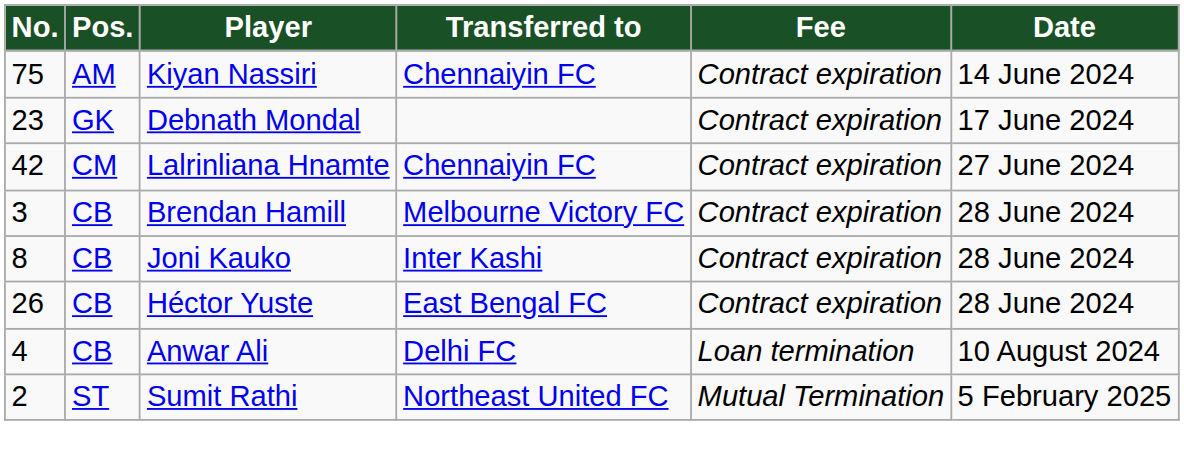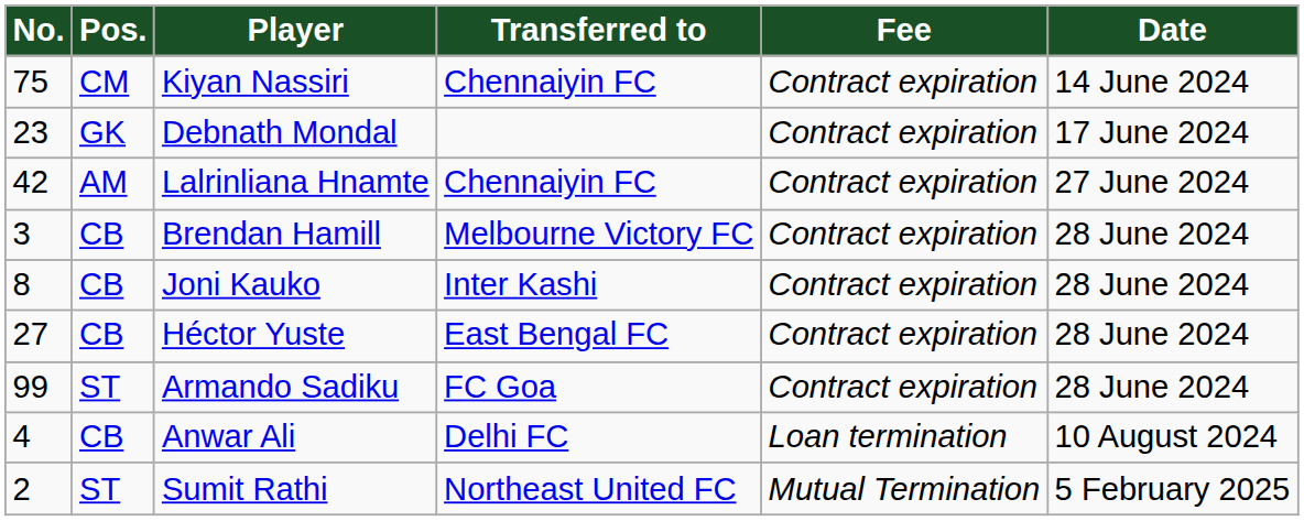 <table class="wikitable plainrowheaders sortable">
 <tr>
 <th style="background:#1A5026; color:#FFFFFF; ">No.</th>
 <th style="background:#1A5026; color:#FFFFFF; ">Pos.</th>
 <th style="background:#1A5026; color:#FFFFFF; ">Player</th>
 <th style="background:#1A5026; color:#FFFFFF; ">Transferred to</th>
 <th style="background:#1A5026; color:#FFFFFF; ">Fee</th>
 <th style="background:#1A5026; color:#FFFFFF; ">Date</th>
 </tr>
 <tr>
 <td>75</td>
-<td><a href='#'>AM</a></td>
+<td><a href='#'>CM</a></td>
 <td> <a href='#'>Kiyan Nassiri</a></td>
 <td> <a href='#'>Chennaiyin FC</a></td>
 <td><em>Contract expiration</em></td>
 <td>14 June 2024</td>
 </tr>
 <tr>
 <td>23</td>
 <td><a href='#'>GK</a></td>
 <td> <a href='#'>Debnath Mondal</a></td>
 <td></td>
 <td><em>Contract expiration</em></td>
 <td>17 June 2024</td>
 </tr>
 <tr>
 <td>42</td>
-<td><a href='#'>CM</a></td>
+<td><a href='#'>AM</a></td>
 <td> <a href='#'>Lalrinliana Hnamte</a></td>
 <td> <a href='#'>Chennaiyin FC</a></td>
 <td><em>Contract expiration</em></td>
 <td>27 June 2024</td>
 </tr>
 <tr>
 <td>3</td>
 <td><a href='#'>CB</a></td>
 <td> <a href='#'>Brendan Hamill</a></td>
 <td> <a href='#'>Melbourne Victory FC</a></td>
 <td><em>Contract expiration</em></td>
 <td>28 June 2024</td>
 </tr>
 <tr>
 <td>8</td>
 <td><a href='#'>CB</a></td>
 <td> <a href='#'>Joni Kauko</a></td>
 <td> <a href='#'>Inter Kashi</a></td>
 <td><em>Contract expiration</em></td>
 <td>28 June 2024</td>
 </tr>
 <tr>
-<td>26</td>
+<td>27</td>
 <td><a href='#'>CB</a></td>
 <td> <a href='#'>Héctor Yuste</a></td>
 <td> <a href='#'>East Bengal FC</a></td>
+<td><em>Contract expiration</em></td>
+<td>28 June 2024</td>
+</tr>
+<tr>
+<td>99</td>
+<td><a href='#'>ST</a></td>
+<td> <a href='#'>Armando Sadiku</a></td>
+<td> <a href='#'>FC Goa</a></td>
 <td><em>Contract expiration</em></td>
 <td>28 June 2024</td>
 </tr>
 <tr>
 <td>4</td>
 <td><a href='#'>CB</a></td>
 <td> <a href='#'>Anwar Ali</a></td>
 <td> <a href='#'>Delhi FC</a></td>
 <td><em>Loan termination</em></td>
 <td>10 August 2024</td>
 </tr>
 <tr>
 <td>2</td>
 <td><a href='#'>ST</a></td>
 <td> <a href='#'>Sumit Rathi</a></td>
 <td> <a href='#'>Northeast United FC</a></td>
 <td><em>Mutual Termination</em></td>
 <td>5 February 2025</td>
 </tr>
 </table>
